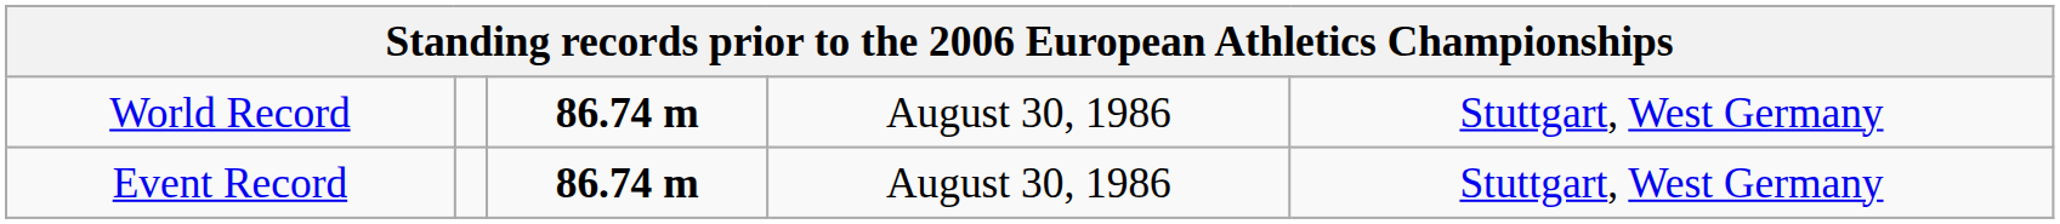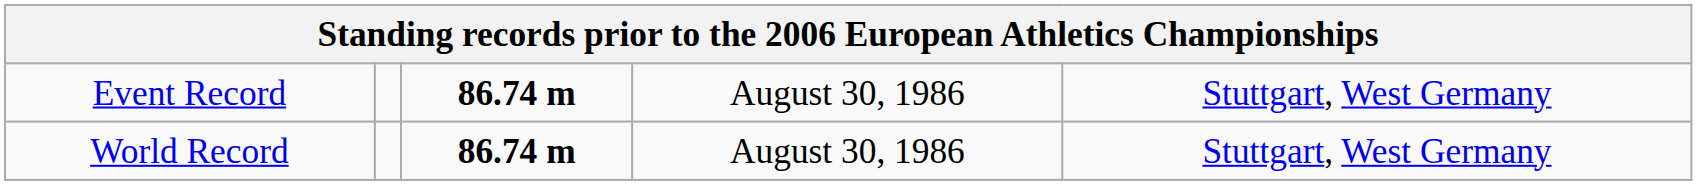 <table class="wikitable" style=" text-align:center; font-size:110%;" width="95%">
 <tr>
 <th colspan="5">Standing records prior to the 2006 European Athletics Championships</th>
+</tr>
+<tr>
+<td><a href='#'>Event Record</a></td>
+<td></td>
+<td><strong>86.74 m </strong></td>
+<td>August 30, 1986</td>
+<td> <a href='#'>Stuttgart</a>, <a href='#'>West Germany</a></td>
 </tr>
 <tr>
 <td><a href='#'>World Record</a></td>
 <td></td>
 <td><strong>86.74 m </strong></td>
 <td>August 30, 1986</td>
 <td> <a href='#'>Stuttgart</a>, <a href='#'>West Germany</a></td>
 </tr>
-<tr>
-<td><a href='#'>Event Record</a></td>
-<td></td>
-<td><strong>86.74 m </strong></td>
-<td>August 30, 1986</td>
-<td> <a href='#'>Stuttgart</a>, <a href='#'>West Germany</a></td>
-</tr>
 </table>
